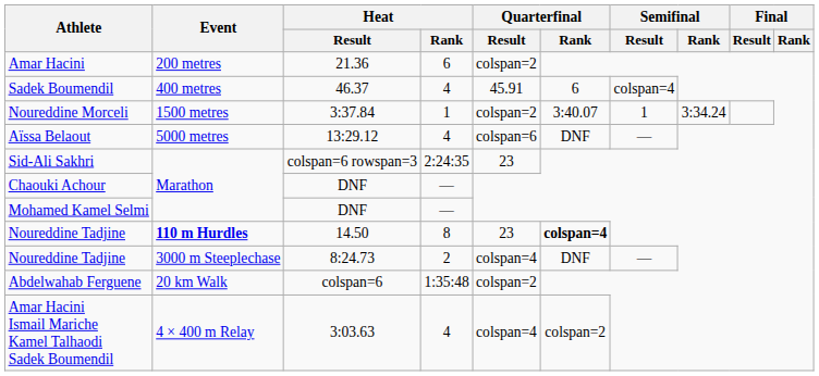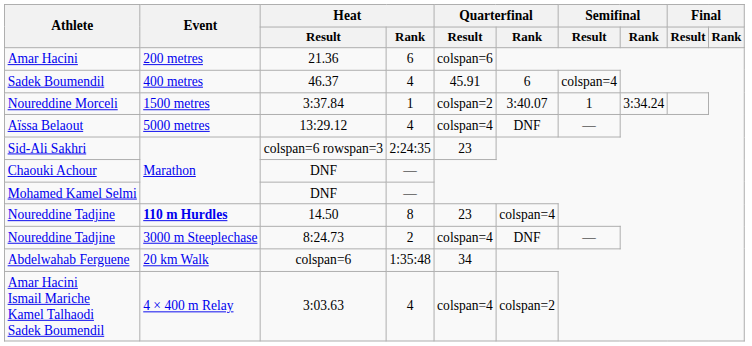 <table class=wikitable style=font-size:90%>
 <tr>
 <th rowspan=2>Athlete</th>
 <th rowspan=2>Event</th>
 <th colspan=2>Heat</th>
 <th colspan=2>Quarterfinal</th>
 <th colspan=2>Semifinal</th>
 <th colspan=2>Final</th>
 </tr>
 <tr style=font-size:95%>
 <th>Result</th>
 <th>Rank</th>
 <th>Result</th>
 <th>Rank</th>
 <th>Result</th>
 <th>Rank</th>
 <th>Result</th>
 <th>Rank</th>
 </tr>
 <tr align=center>
 <td align=left><a href='#'>Amar Hacini</a></td>
 <td align=left><a href='#'>200 metres</a></td>
 <td>21.36</td>
 <td>6</td>
-<td>colspan=2 </td>
+<td>colspan=6 </td>
 </tr>
 <tr align=center>
 <td align=left><a href='#'>Sadek Boumendil</a></td>
 <td align=left><a href='#'>400 metres</a></td>
 <td>46.37</td>
 <td>4</td>
 <td>45.91</td>
 <td>6</td>
 <td>colspan=4 </td>
 </tr>
 <tr align=center>
 <td align=left><a href='#'>Noureddine Morceli</a></td>
 <td align=left><a href='#'>1500 metres</a></td>
 <td>3:37.84</td>
 <td>1</td>
 <td>colspan=2 </td>
 <td>3:40.07</td>
 <td>1</td>
 <td>3:34.24</td>
 <td></td>
 </tr>
 <tr align=center>
 <td align=left><a href='#'>Aïssa Belaout</a></td>
 <td align=left><a href='#'>5000 metres</a></td>
 <td>13:29.12</td>
 <td>4</td>
-<td>colspan=6 </td>
+<td>colspan=4 </td>
 <td>DNF</td>
 <td>—</td>
 </tr>
 <tr align=center>
 <td align=left><a href='#'>Sid-Ali Sakhri</a></td>
 <td align=left rowspan=3><a href='#'>Marathon</a></td>
 <td>colspan=6 rowspan=3 </td>
 <td>2:24:35</td>
 <td>23</td>
 </tr>
 <tr align=center>
 <td align=left><a href='#'>Chaouki Achour</a></td>
 <td>DNF</td>
 <td>—</td>
 </tr>
 <tr align=center>
 <td align=left><a href='#'>Mohamed Kamel Selmi</a></td>
 <td>DNF</td>
 <td>—</td>
 </tr>
 <tr align=center>
 <td align=left><a href='#'>Noureddine Tadjine</a></td>
 <td align=left><strong><a href='#'>110 m Hurdles</a></strong></td>
 <td>14.50</td>
 <td>8</td>
 <td>23</td>
-<td><strong>colspan=4 </strong></td>
+<td>colspan=4 </td>
 </tr>
 <tr align=center>
 <td align=left><a href='#'>Noureddine Tadjine</a></td>
 <td align=left><a href='#'>3000 m Steeplechase</a></td>
 <td>8:24.73</td>
 <td>2</td>
 <td>colspan=4 </td>
 <td>DNF</td>
 <td>—</td>
 </tr>
 <tr align=center>
 <td align=left><a href='#'>Abdelwahab Ferguene</a></td>
 <td align=left><a href='#'>20 km Walk</a></td>
 <td>colspan=6 </td>
 <td>1:35:48</td>
-<td>colspan=2 </td>
+<td>34</td>
 </tr>
 <tr align=center>
 <td align=left><a href='#'>Amar Hacini</a><br><a href='#'>Ismail Mariche</a><br><a href='#'>Kamel Talhaodi</a><br><a href='#'>Sadek Boumendil</a></td>
 <td align=left><a href='#'>4 × 400 m Relay</a></td>
 <td>3:03.63</td>
 <td>4</td>
 <td>colspan=4 </td>
 <td>colspan=2 </td>
 </tr>
 </table>
